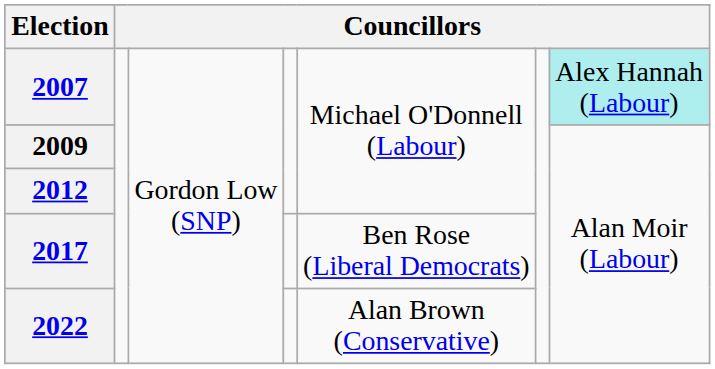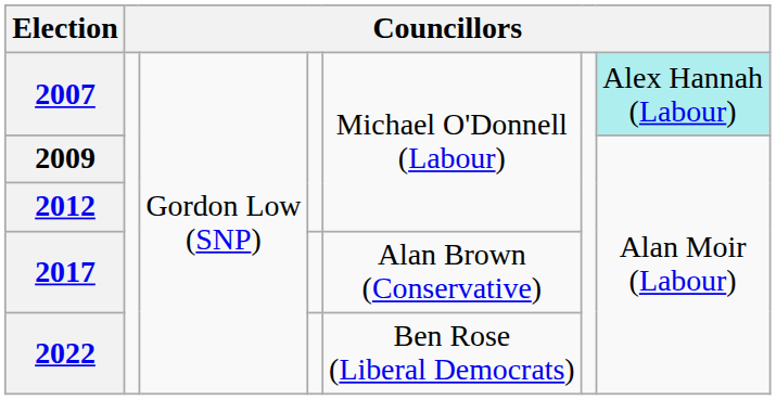 <table class="wikitable" style="text-align:center">
 <tr>
 <th>Election</th>
 <th colspan=6>Councillors</th>
 </tr>
 <tr>
 <th><a href='#'>2007</a></th>
 <td rowspan=5; style="background-color: "></td>
 <td rowspan=5>Gordon Low<br>(<a href='#'>SNP</a>)</td>
 <td rowspan=3; style="background-color: "></td>
 <td rowspan=3>Michael O'Donnell<br>(<a href='#'>Labour</a>)</td>
 <td rowspan=5; style="background-color: "></td>
 <td rowspan=1 style="background: paleturquoise;">Alex Hannah<br>(<a href='#'>Labour</a>)</td>
 </tr>
 <tr>
 <th>2009</th>
 <td rowspan=4>Alan Moir<br>(<a href='#'>Labour</a>)</td>
 </tr>
 <tr>
 <th><a href='#'>2012</a></th>
 </tr>
 <tr>
 <th><a href='#'>2017</a></th>
 <td rowspan=1; style="background-color: "></td>
-<td rowspan=1>Ben Rose <br>(<a href='#'>Liberal Democrats</a>)</td>
+<td rowspan=1>Alan Brown<br>(<a href='#'>Conservative</a>)</td>
 </tr>
 <tr>
 <th><a href='#'>2022</a></th>
 <td rowspan=1; style="background-color: "></td>
-<td rowspan=1>Alan Brown<br>(<a href='#'>Conservative</a>)</td>
+<td rowspan=1>Ben Rose <br>(<a href='#'>Liberal Democrats</a>)</td>
 </tr>
 </table>
